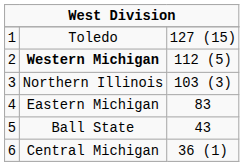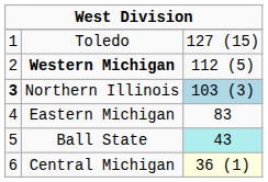 <table class="wikitable">
 <tr align="center">
 <td align="center" Colspan="3"><strong>West Division</strong></td>
 </tr>
 <tr align="center">
 </tr>
 <tr align="center">
 <td>1</td>
 <td>Toledo</td>
 <td>127 (15)</td>
 </tr>
 <tr align="center">
 <td>2</td>
 <td><strong>Western Michigan</strong></td>
 <td>112 (5)</td>
 </tr>
 <tr align="center">
-<td>3</td>
+<td><strong>3</strong></td>
 <td>Northern Illinois</td>
-<td>103 (3)</td>
+<td style="background: lightblue;">103 (3)</td>
 </tr>
 <tr align="center">
 <td>4</td>
 <td>Eastern Michigan</td>
 <td>83</td>
 </tr>
 <tr align="center">
 <td>5</td>
 <td>Ball State</td>
-<td>43</td>
+<td style="background: paleturquoise;">43</td>
 </tr>
 <tr align="center">
 <td>6</td>
 <td>Central Michigan</td>
-<td>36 (1)</td>
+<td style="background: lightyellow;">36 (1)</td>
 </tr>
 </table>
